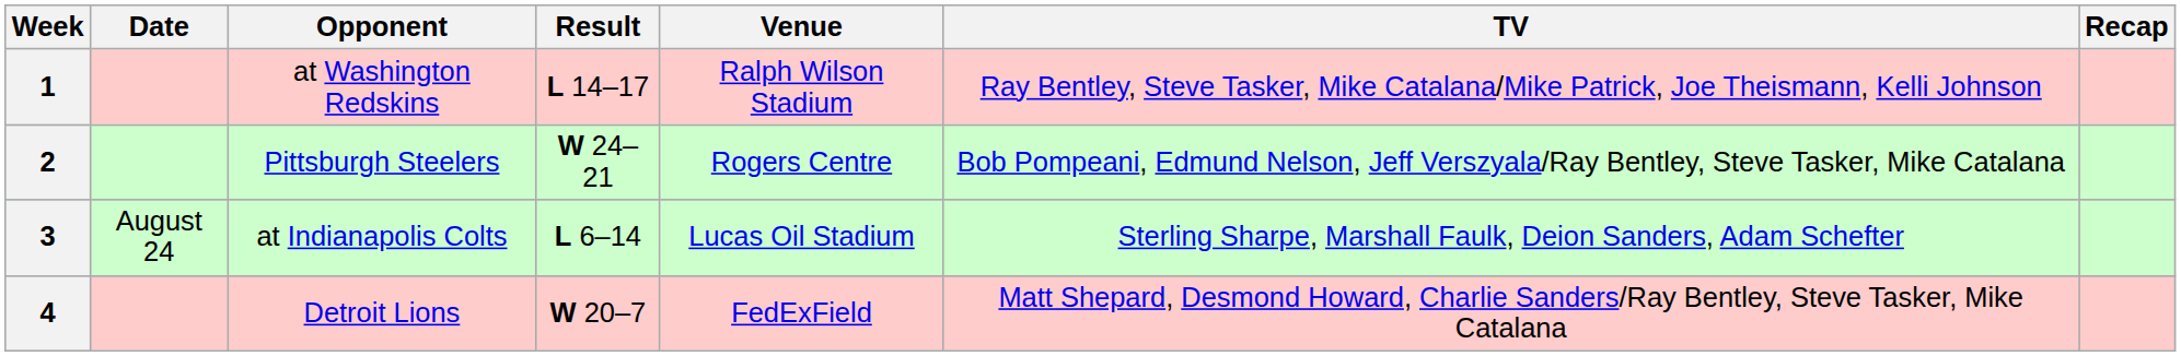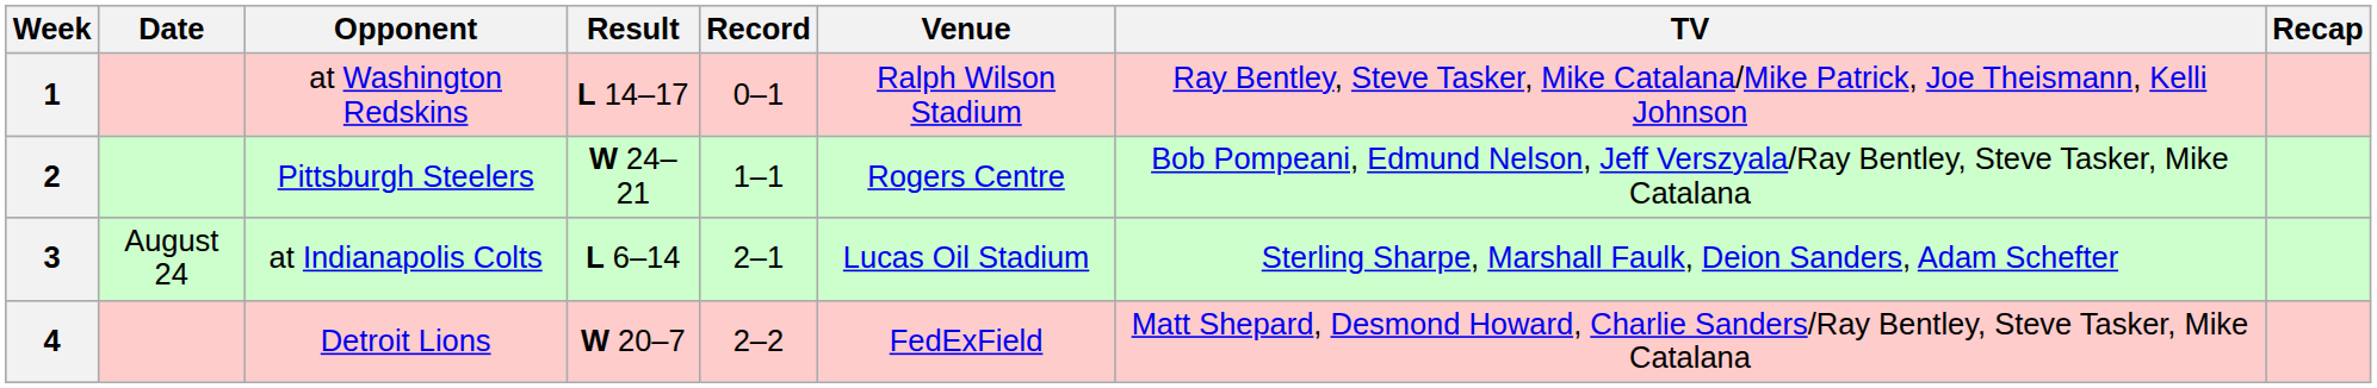 <table class="wikitable" style="text-align:center">
 <tr>
 <th>Week</th>
 <th>Date</th>
 <th>Opponent</th>
 <th>Result</th>
+<th>Record</th>
 <th>Venue</th>
 <th>TV</th>
 <th>Recap</th>
 </tr>
 <tr style="background:#fcc">
 <th>1</th>
 <td></td>
 <td>at <a href='#'>Washington Redskins</a></td>
 <td><strong>L</strong> 14–17</td>
+<td>0–1</td>
 <td><a href='#'>Ralph Wilson Stadium</a></td>
 <td><a href='#'>Ray Bentley</a>, <a href='#'>Steve Tasker</a>, <a href='#'>Mike Catalana</a>/<a href='#'>Mike Patrick</a>, <a href='#'>Joe Theismann</a>, <a href='#'>Kelli Johnson</a></td>
 <td></td>
 </tr>
 <tr style="background:#cfc">
 <th>2</th>
 <td></td>
 <td><a href='#'>Pittsburgh Steelers</a></td>
 <td><strong>W</strong> 24–21</td>
+<td>1–1</td>
 <td> <a href='#'>Rogers Centre</a> </td>
 <td><a href='#'>Bob Pompeani</a>, <a href='#'>Edmund Nelson</a>, <a href='#'>Jeff Verszyala</a>/Ray Bentley, Steve Tasker, Mike Catalana</td>
 <td></td>
 </tr>
 <tr style="background:#cfc">
 <th>3</th>
 <td>August 24</td>
 <td>at <a href='#'>Indianapolis Colts</a></td>
 <td><strong>L</strong> 6–14</td>
+<td>2–1</td>
 <td><a href='#'>Lucas Oil Stadium</a></td>
 <td><a href='#'>Sterling Sharpe</a>, <a href='#'>Marshall Faulk</a>, <a href='#'>Deion Sanders</a>, <a href='#'>Adam Schefter</a></td>
 <td></td>
 </tr>
 <tr style="background:#fcc">
 <th>4</th>
 <td></td>
 <td><a href='#'>Detroit Lions</a></td>
 <td><strong>W</strong> 20–7</td>
+<td>2–2</td>
 <td><a href='#'>FedExField</a></td>
 <td><a href='#'>Matt Shepard</a>, <a href='#'>Desmond Howard</a>, <a href='#'>Charlie Sanders</a>/Ray Bentley, Steve Tasker, Mike Catalana</td>
 <td></td>
 </tr>
 </table>
